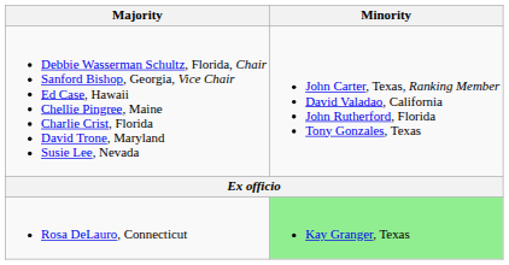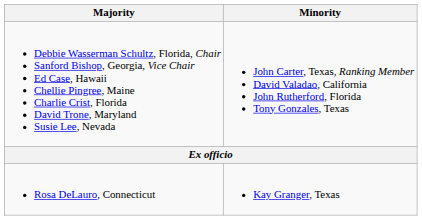 <table class="wikitable">
 <tr>
 <th>Majority</th>
 <th>Minority</th>
 </tr>
 <tr>
 <td><br><ul><li><a href='#'>Debbie Wasserman Schultz</a>, Florida, <em>Chair</em></li><li><a href='#'>Sanford Bishop</a>, Georgia, <em>Vice Chair</em></li><li><a href='#'>Ed Case</a>, Hawaii</li><li><a href='#'>Chellie Pingree</a>, Maine</li><li><a href='#'>Charlie Crist</a>, Florida</li><li><a href='#'>David Trone</a>, Maryland</li><li><a href='#'>Susie Lee</a>, Nevada</li></ul></td>
 <td><br><ul><li><a href='#'>John Carter</a>, Texas, <em>Ranking Member</em></li><li><a href='#'>David Valadao</a>, California</li><li><a href='#'>John Rutherford</a>, Florida</li><li><a href='#'>Tony Gonzales</a>, Texas</li></ul></td>
 </tr>
 <tr>
 <th colspan="2"><em>Ex officio</em></th>
 </tr>
 <tr>
 <td><br><ul><li><a href='#'>Rosa DeLauro</a>, Connecticut</li></ul></td>
-<td style="background: lightgreen;"><br><ul><li><a href='#'>Kay Granger</a>, Texas</li></ul></td>
+<td><br><ul><li><a href='#'>Kay Granger</a>, Texas</li></ul></td>
 </tr>
 </table>
